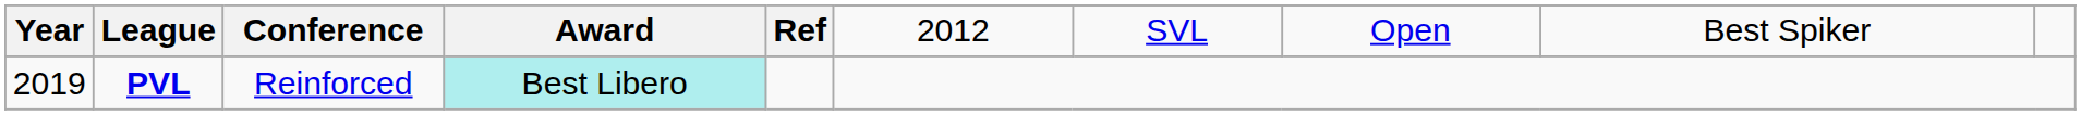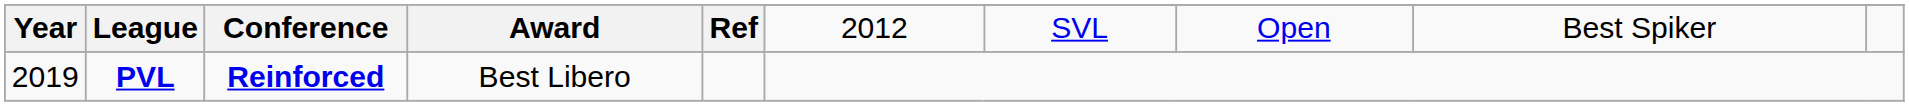 <table class="wikitable sortable" style="text-align:center" width="80%">
 <tr>
 <th style="width:5px;" rowspan="2">Year</th>
 <th style="width:25px;" rowspan="2">League</th>
 <th style="width:100px;" rowspan="2">Conference</th>
 <th style="width:150px;" rowspan="2">Award</th>
 <th style="width:25px;" rowspan="2">Ref</th>
 </tr>
 <tr>
 <td>2012</td>
 <td><a href='#'>SVL</a></td>
 <td><a href='#'>Open</a></td>
 <td>Best Spiker</td>
 <td></td>
 </tr>
 <tr>
 <td>2019</td>
 <td><strong><a href='#'>PVL</a></strong></td>
-<td><a href='#'>Reinforced</a></td>
-<td style="background: paleturquoise;">Best Libero</td>
+<td><strong><a href='#'>Reinforced</a></strong></td>
+<td>Best Libero</td>
 <td></td>
 </tr>
 </table>
